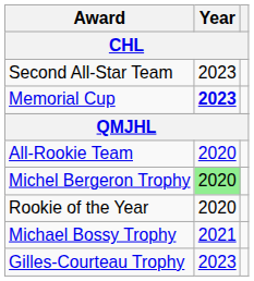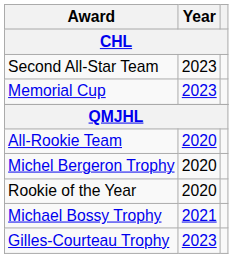 <table class="wikitable">
 <tr>
 <th>Award</th>
 <th>Year</th>
 <th></th>
 </tr>
 <tr ALIGN="center" bgcolor="#e0e0e0">
 <th colspan="4"><a href='#'>CHL</a></th>
 </tr>
 <tr>
 <td>Second All-Star Team</td>
 <td>2023</td>
 <td></td>
 </tr>
 <tr>
 <td><a href='#'>Memorial Cup</a></td>
-<td><strong><a href='#'>2023</a></strong></td>
+<td><a href='#'>2023</a></td>
 <td></td>
 </tr>
 <tr>
 </tr>
 <tr ALIGN="center" bgcolor="#e0e0e0">
 <th colspan="3"><a href='#'>QMJHL</a></th>
 </tr>
 <tr>
 <td><a href='#'>All-Rookie Team</a></td>
 <td><a href='#'>2020</a></td>
 <td></td>
 </tr>
 <tr>
 <td><a href='#'>Michel Bergeron Trophy</a></td>
-<td style="background: lightgreen;">2020</td>
+<td>2020</td>
 <td></td>
 </tr>
 <tr>
 <td>Rookie of the Year</td>
 <td>2020</td>
 <td></td>
 </tr>
 <tr>
 <td><a href='#'>Michael Bossy Trophy</a></td>
 <td><a href='#'>2021</a></td>
 <td></td>
 </tr>
 <tr>
 <td><a href='#'>Gilles-Courteau Trophy</a></td>
 <td><a href='#'>2023</a></td>
 <td></td>
 </tr>
 </table>
